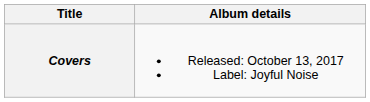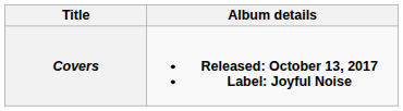 <table class="wikitable plainrowheaders" style="text-align:center;">
 <tr>
 <th scope="col" style="width:10em;">Title</th>
 <th scope="col" style="width:18em;">Album details</th>
 </tr>
 <tr>
 <th scope="row"><em>Covers</em></th>
-<td><br><ul><li>Released: October 13, 2017</li><li>Label: Joyful Noise</li></ul></td>
+<td><strong><br><ul><li>Released: October 13, 2017</li><li>Label: Joyful Noise</li></ul></strong></td>
 </tr>
 </table>
